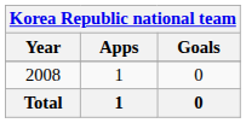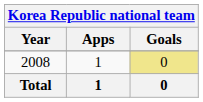 <table class="wikitable" style="text-align:center">
 <tr>
 <th colspan=3><a href='#'>Korea Republic national team</a></th>
 </tr>
 <tr>
 <th>Year</th>
 <th>Apps</th>
 <th>Goals</th>
 </tr>
 <tr>
 </tr>
 <tr>
 <td>2008</td>
 <td>1</td>
-<td>0</td>
+<td style="background: khaki;">0</td>
 </tr>
 <tr>
 <th>Total</th>
 <th>1</th>
 <th>0</th>
 </tr>
 </table>
